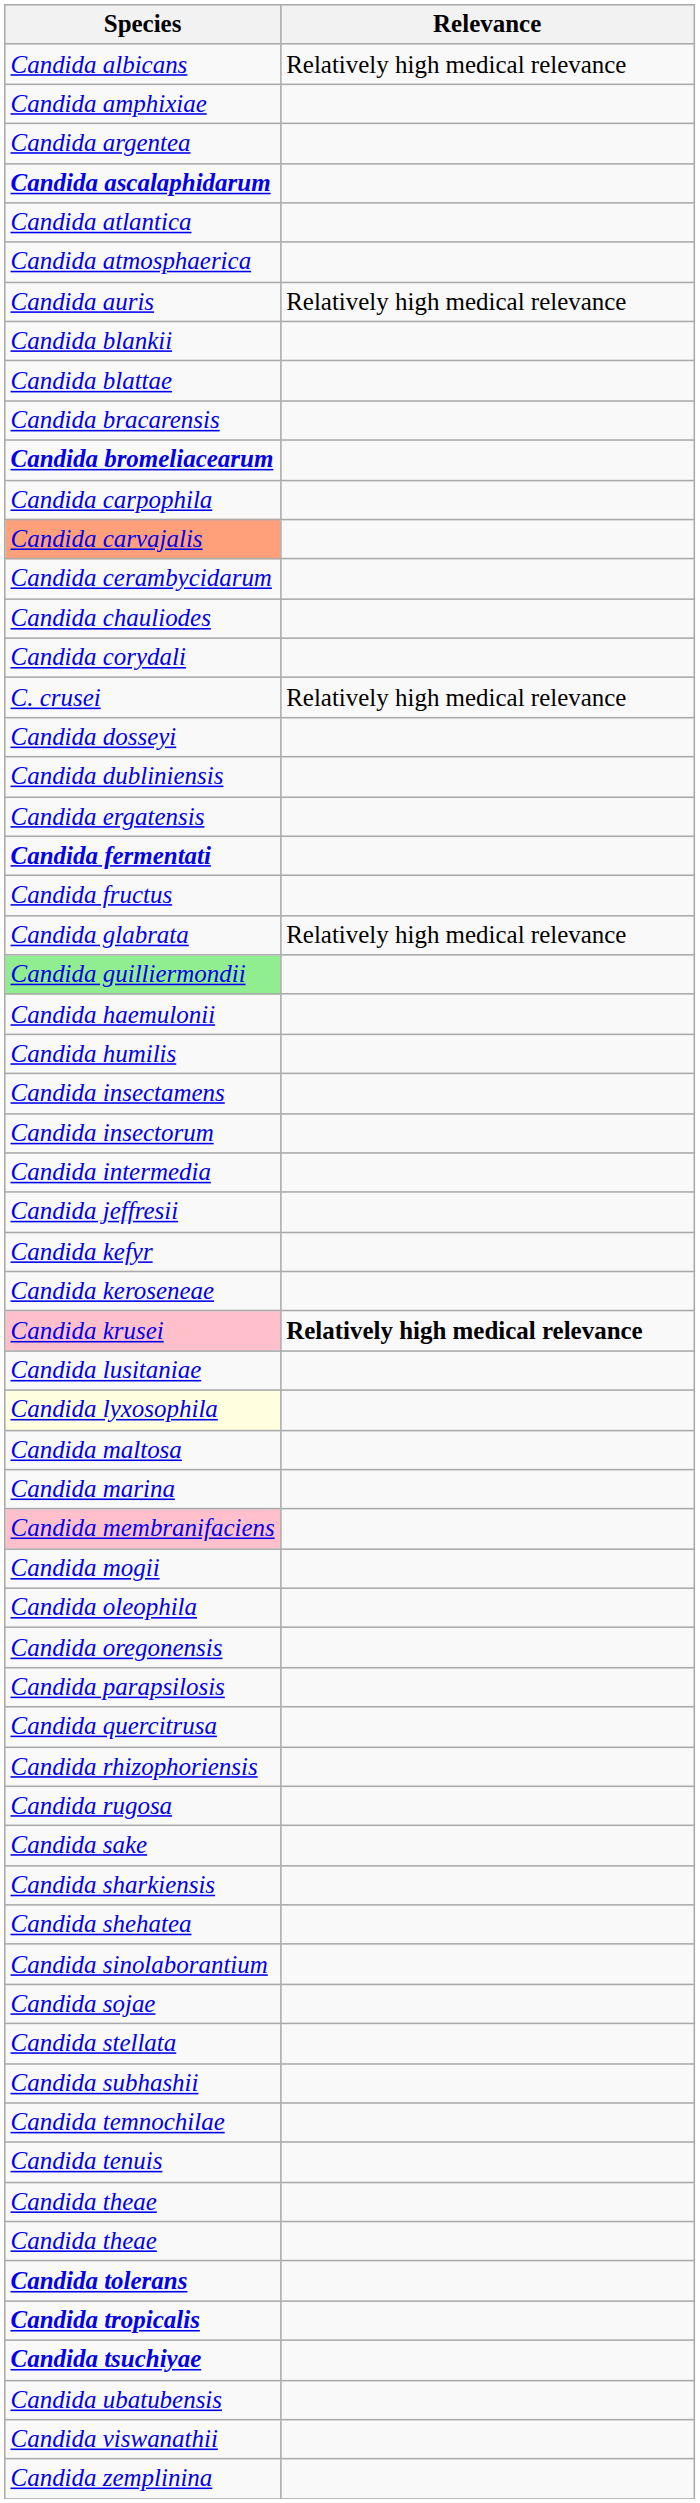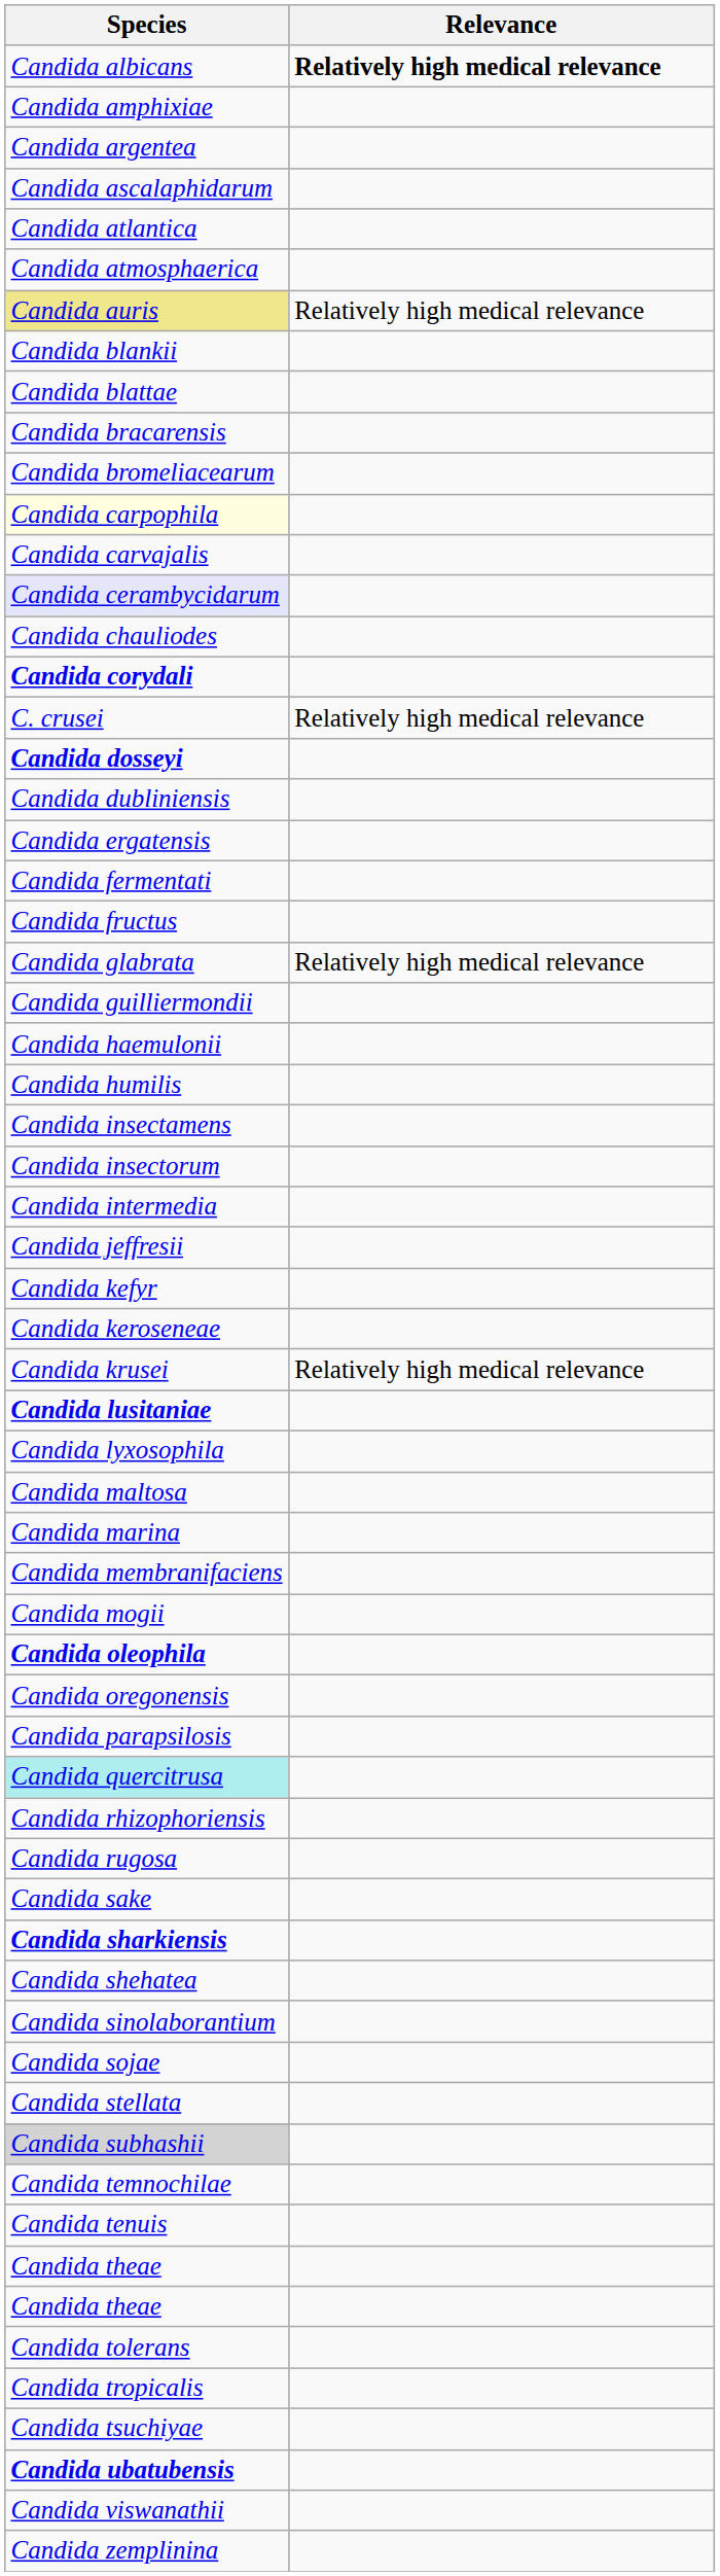 <table class="wikitable sortable" border="1">
 <tr>
 <th scope="col" style="width: 40%;">Species</th>
 <th scope="col" style="width: 60%;">Relevance</th>
 </tr>
 <tr>
 <td><em><a href='#'>Candida albicans</a></em></td>
-<td>Relatively high medical relevance</td>
+<td><strong>Relatively high medical relevance</strong></td>
 </tr>
 <tr>
 <td><em><a href='#'>Candida amphixiae</a></em></td>
 <td></td>
 </tr>
 <tr>
 <td><em><a href='#'>Candida argentea</a></em></td>
 <td></td>
 </tr>
 <tr>
-<td><strong><em><a href='#'>Candida ascalaphidarum</a></em></strong></td>
+<td><em><a href='#'>Candida ascalaphidarum</a></em></td>
 <td></td>
 </tr>
 <tr>
 <td><em><a href='#'>Candida atlantica</a></em></td>
 <td></td>
 </tr>
 <tr>
 <td><em><a href='#'>Candida atmosphaerica</a></em></td>
 <td></td>
 </tr>
 <tr>
-<td><em><a href='#'>Candida auris</a></em></td>
+<td style="background: khaki;"><em><a href='#'>Candida auris</a></em></td>
 <td>Relatively high medical relevance</td>
 </tr>
 <tr>
 <td><em><a href='#'>Candida blankii</a></em></td>
 <td></td>
 </tr>
 <tr>
 <td><em><a href='#'>Candida blattae</a></em></td>
 <td></td>
 </tr>
 <tr>
 <td><em><a href='#'>Candida bracarensis</a></em></td>
 <td></td>
 </tr>
 <tr>
-<td><strong><em><a href='#'>Candida bromeliacearum</a></em></strong></td>
+<td><em><a href='#'>Candida bromeliacearum</a></em></td>
 <td></td>
 </tr>
 <tr>
-<td><em><a href='#'>Candida carpophila</a></em></td>
+<td style="background: lightyellow;"><em><a href='#'>Candida carpophila</a></em></td>
 <td></td>
 </tr>
 <tr>
-<td style="background: lightsalmon;"><em><a href='#'>Candida carvajalis</a></em></td>
+<td><em><a href='#'>Candida carvajalis</a></em></td>
 <td></td>
 </tr>
 <tr>
-<td><em><a href='#'>Candida cerambycidarum</a></em></td>
+<td style="background: lavender;"><em><a href='#'>Candida cerambycidarum</a></em></td>
 <td></td>
 </tr>
 <tr>
 <td><em><a href='#'>Candida chauliodes</a></em></td>
 <td></td>
 </tr>
 <tr>
-<td><em><a href='#'>Candida corydali</a></em></td>
+<td><strong><em><a href='#'>Candida corydali</a></em></strong></td>
 <td></td>
 </tr>
 <tr>
 <td><em><a href='#'>C. crusei</a></em></td>
 <td>Relatively high medical relevance</td>
 </tr>
 <tr>
-<td><em><a href='#'>Candida dosseyi</a></em></td>
+<td><strong><em><a href='#'>Candida dosseyi</a></em></strong></td>
 <td></td>
 </tr>
 <tr>
 <td><em><a href='#'>Candida dubliniensis</a></em></td>
 <td></td>
 </tr>
 <tr>
 <td><em><a href='#'>Candida ergatensis</a></em></td>
 <td></td>
 </tr>
 <tr>
-<td><strong><em><a href='#'>Candida fermentati</a></em></strong></td>
+<td><em><a href='#'>Candida fermentati</a></em></td>
 <td></td>
 </tr>
 <tr>
 <td><em><a href='#'>Candida fructus</a></em></td>
 <td></td>
 </tr>
 <tr>
 <td><em><a href='#'>Candida glabrata</a></em></td>
 <td>Relatively high medical relevance</td>
 </tr>
 <tr>
-<td style="background: lightgreen;"><em><a href='#'>Candida guilliermondii</a></em></td>
+<td><em><a href='#'>Candida guilliermondii</a></em></td>
 <td></td>
 </tr>
 <tr>
 <td><em><a href='#'>Candida haemulonii</a></em></td>
 <td></td>
 </tr>
 <tr>
 <td><em><a href='#'>Candida humilis</a></em></td>
 <td></td>
 </tr>
 <tr>
 <td><em><a href='#'>Candida insectamens</a></em></td>
 <td></td>
 </tr>
 <tr>
 <td><em><a href='#'>Candida insectorum</a></em></td>
 <td></td>
 </tr>
 <tr>
 <td><em><a href='#'>Candida intermedia</a></em></td>
 <td></td>
 </tr>
 <tr>
 <td><em><a href='#'>Candida jeffresii</a></em></td>
 <td></td>
 </tr>
 <tr>
 <td><em><a href='#'>Candida kefyr</a></em></td>
 <td></td>
 </tr>
 <tr>
 <td><em><a href='#'>Candida keroseneae</a></em></td>
 <td></td>
 </tr>
 <tr>
-<td style="background: pink;"><em><a href='#'>Candida krusei</a></em></td>
-<td><strong>Relatively high medical relevance</strong></td>
+<td><em><a href='#'>Candida krusei</a></em></td>
+<td>Relatively high medical relevance</td>
 </tr>
 <tr>
-<td><em><a href='#'>Candida lusitaniae</a></em></td>
+<td><strong><em><a href='#'>Candida lusitaniae</a></em></strong></td>
 <td></td>
 </tr>
 <tr>
-<td style="background: lightyellow;"><em><a href='#'>Candida lyxosophila</a></em></td>
+<td><em><a href='#'>Candida lyxosophila</a></em></td>
 <td></td>
 </tr>
 <tr>
 <td><em><a href='#'>Candida maltosa</a></em></td>
 <td></td>
 </tr>
 <tr>
 <td><em><a href='#'>Candida marina</a></em></td>
 <td></td>
 </tr>
 <tr>
-<td style="background: pink;"><em><a href='#'>Candida membranifaciens</a></em></td>
+<td><em><a href='#'>Candida membranifaciens</a></em></td>
 <td></td>
 </tr>
 <tr>
 <td><em><a href='#'>Candida mogii</a></em></td>
 <td></td>
 </tr>
 <tr>
-<td><em><a href='#'>Candida oleophila</a></em></td>
+<td><strong><em><a href='#'>Candida oleophila</a></em></strong></td>
 <td></td>
 </tr>
 <tr>
 <td><em><a href='#'>Candida oregonensis</a></em></td>
 <td></td>
 </tr>
 <tr>
 <td><em><a href='#'>Candida parapsilosis</a></em></td>
 <td></td>
 </tr>
 <tr>
-<td><em><a href='#'>Candida quercitrusa</a></em></td>
+<td style="background: paleturquoise;"><em><a href='#'>Candida quercitrusa</a></em></td>
 <td></td>
 </tr>
 <tr>
 <td><em><a href='#'>Candida rhizophoriensis</a></em></td>
 <td></td>
 </tr>
 <tr>
 <td><em><a href='#'>Candida rugosa</a></em></td>
 <td></td>
 </tr>
 <tr>
 <td><em><a href='#'>Candida sake</a></em></td>
 <td></td>
 </tr>
 <tr>
-<td><em><a href='#'>Candida sharkiensis</a></em></td>
+<td><strong><em><a href='#'>Candida sharkiensis</a></em></strong></td>
 <td></td>
 </tr>
 <tr>
 <td><em><a href='#'>Candida shehatea</a></em></td>
 <td></td>
 </tr>
 <tr>
 <td><em><a href='#'>Candida sinolaborantium</a></em></td>
 <td></td>
 </tr>
 <tr>
 <td><em><a href='#'>Candida sojae</a></em></td>
 <td></td>
 </tr>
 <tr>
 <td><em><a href='#'>Candida stellata</a></em></td>
 <td></td>
 </tr>
 <tr>
-<td><em><a href='#'>Candida subhashii</a></em></td>
+<td style="background: lightgrey;"><em><a href='#'>Candida subhashii</a></em></td>
 <td></td>
 </tr>
 <tr>
 <td><em><a href='#'>Candida temnochilae</a></em></td>
 <td></td>
 </tr>
 <tr>
 <td><em><a href='#'>Candida tenuis</a></em></td>
 <td></td>
 </tr>
 <tr>
 <td><em><a href='#'>Candida theae</a></em></td>
 <td></td>
 </tr>
 <tr>
 <td><em><a href='#'>Candida theae</a></em></td>
 <td></td>
 </tr>
 <tr>
-<td><strong><em><a href='#'>Candida tolerans</a></em></strong></td>
+<td><em><a href='#'>Candida tolerans</a></em></td>
 <td></td>
 </tr>
 <tr>
-<td><strong><em><a href='#'>Candida tropicalis</a></em></strong></td>
+<td><em><a href='#'>Candida tropicalis</a></em></td>
 <td></td>
 </tr>
 <tr>
-<td><strong><em><a href='#'>Candida tsuchiyae</a></em></strong></td>
+<td><em><a href='#'>Candida tsuchiyae</a></em></td>
 <td></td>
 </tr>
 <tr>
-<td><em><a href='#'>Candida ubatubensis</a></em></td>
+<td><strong><em><a href='#'>Candida ubatubensis</a></em></strong></td>
 <td></td>
 </tr>
 <tr>
 <td><em><a href='#'>Candida viswanathii</a></em></td>
 <td></td>
 </tr>
 <tr>
 <td><em><a href='#'>Candida zemplinina</a></em></td>
 <td></td>
 </tr>
 <tr>
 </tr>
 </table>
